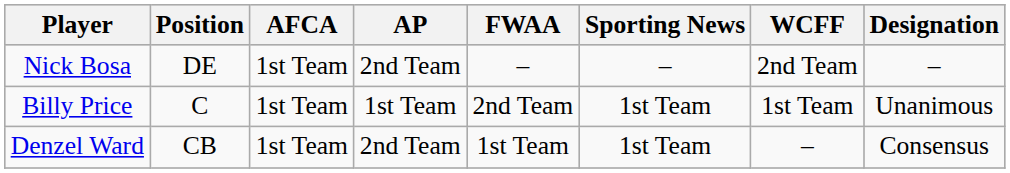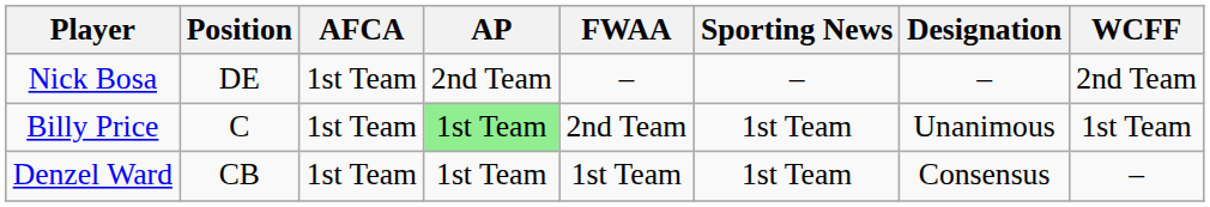 <table class="wikitable sortable sortable" style="text-align: center">
 <tr>
 <th>Player</th>
 <th>Position</th>
 <th>AFCA</th>
 <th>AP</th>
 <th>FWAA</th>
 <th>Sporting News</th>
+<th>Designation</th>
 <th>WCFF</th>
-<th>Designation</th>
 </tr>
 <tr>
 <td><a href='#'>Nick Bosa</a></td>
 <td>DE</td>
 <td>1st Team</td>
 <td>2nd Team</td>
 <td>–</td>
 <td>–</td>
+<td>–</td>
 <td>2nd Team</td>
-<td>–</td>
 </tr>
 <tr>
 <td><a href='#'>Billy Price</a></td>
 <td>C</td>
 <td>1st Team</td>
-<td>1st Team</td>
+<td style="background: lightgreen;">1st Team</td>
 <td>2nd Team</td>
 <td>1st Team</td>
+<td>Unanimous</td>
 <td>1st Team</td>
-<td>Unanimous</td>
 </tr>
 <tr>
 <td><a href='#'>Denzel Ward</a></td>
 <td>CB</td>
 <td>1st Team</td>
-<td>2nd Team</td>
 <td>1st Team</td>
 <td>1st Team</td>
+<td>1st Team</td>
+<td>Consensus</td>
 <td>–</td>
-<td>Consensus</td>
 </tr>
 </table>
